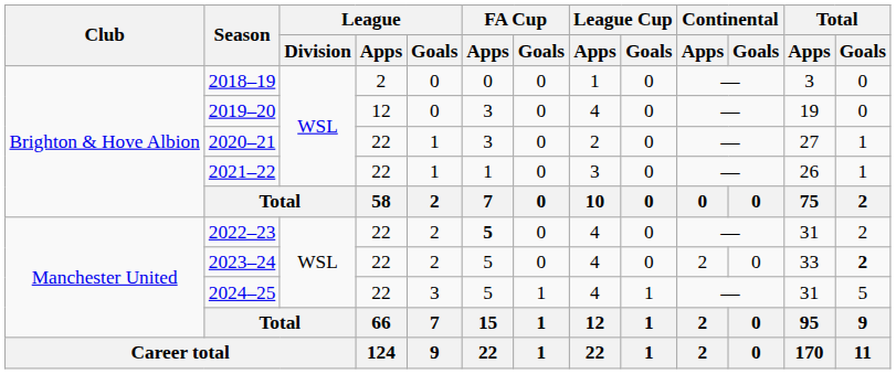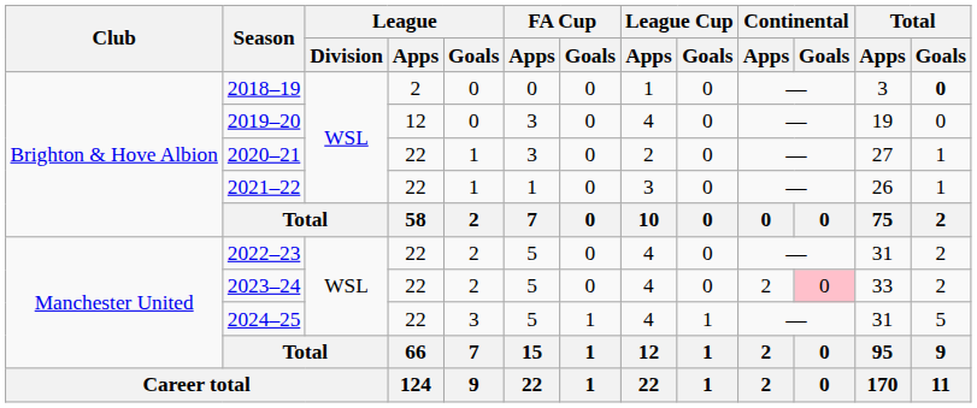 <table class="wikitable" style="text-align:center">
 <tr>
 <th rowspan="2">Club</th>
 <th rowspan="2">Season</th>
 <th colspan="3">League</th>
 <th colspan="2">FA Cup</th>
 <th colspan="2">League Cup</th>
 <th colspan="2">Continental</th>
 <th colspan="2">Total</th>
 </tr>
 <tr>
 <th>Division</th>
 <th>Apps</th>
 <th>Goals</th>
 <th>Apps</th>
 <th>Goals</th>
 <th>Apps</th>
 <th>Goals</th>
 <th>Apps</th>
 <th>Goals</th>
 <th>Apps</th>
 <th>Goals</th>
 </tr>
 <tr>
 <td rowspan="5"><a href='#'>Brighton & Hove Albion</a></td>
 <td><a href='#'>2018–19</a></td>
 <td rowspan="4"><a href='#'>WSL</a></td>
 <td>2</td>
 <td>0</td>
 <td>0</td>
 <td>0</td>
 <td>1</td>
 <td>0</td>
 <td colspan=2>—</td>
 <td>3</td>
-<td>0</td>
+<td><strong>0</strong></td>
 </tr>
 <tr>
 <td><a href='#'>2019–20</a></td>
 <td>12</td>
 <td>0</td>
 <td>3</td>
 <td>0</td>
 <td>4</td>
 <td>0</td>
 <td colspan=2>—</td>
 <td>19</td>
 <td>0</td>
 </tr>
 <tr>
 <td><a href='#'>2020–21</a></td>
 <td>22</td>
 <td>1</td>
 <td>3</td>
 <td>0</td>
 <td>2</td>
 <td>0</td>
 <td colspan=2>—</td>
 <td>27</td>
 <td>1</td>
 </tr>
 <tr>
 <td><a href='#'>2021–22</a></td>
 <td>22</td>
 <td>1</td>
 <td>1</td>
 <td>0</td>
 <td>3</td>
 <td>0</td>
 <td colspan=2>—</td>
 <td>26</td>
 <td>1</td>
 </tr>
 <tr>
 <th colspan="2">Total</th>
 <th>58</th>
 <th>2</th>
 <th>7</th>
 <th>0</th>
 <th>10</th>
 <th>0</th>
 <th>0</th>
 <th>0</th>
 <th>75</th>
 <th>2</th>
 </tr>
 <tr>
 <td rowspan="4"><a href='#'>Manchester United</a></td>
 <td><a href='#'>2022–23</a></td>
 <td rowspan="3">WSL</td>
 <td>22</td>
 <td>2</td>
-<td><strong>5</strong></td>
+<td>5</td>
 <td>0</td>
 <td>4</td>
 <td>0</td>
 <td colspan=2>—</td>
 <td>31</td>
 <td>2</td>
 </tr>
 <tr>
 <td><a href='#'>2023–24</a></td>
 <td>22</td>
 <td>2</td>
 <td>5</td>
 <td>0</td>
 <td>4</td>
 <td>0</td>
 <td>2</td>
-<td>0</td>
+<td style="background: pink;">0</td>
 <td>33</td>
-<td><strong>2</strong></td>
+<td>2</td>
 </tr>
 <tr>
 <td><a href='#'>2024–25</a></td>
 <td>22</td>
 <td>3</td>
 <td>5</td>
 <td>1</td>
 <td>4</td>
 <td>1</td>
 <td colspan=2>—</td>
 <td>31</td>
 <td>5</td>
 </tr>
 <tr>
 <th colspan="2">Total</th>
 <th>66</th>
 <th>7</th>
 <th>15</th>
 <th>1</th>
 <th>12</th>
 <th>1</th>
 <th>2</th>
 <th>0</th>
 <th>95</th>
 <th>9</th>
 </tr>
 <tr>
 <th colspan="3">Career total</th>
 <th>124</th>
 <th>9</th>
 <th>22</th>
 <th>1</th>
 <th>22</th>
 <th>1</th>
 <th>2</th>
 <th>0</th>
 <th>170</th>
 <th>11</th>
 </tr>
 </table>
